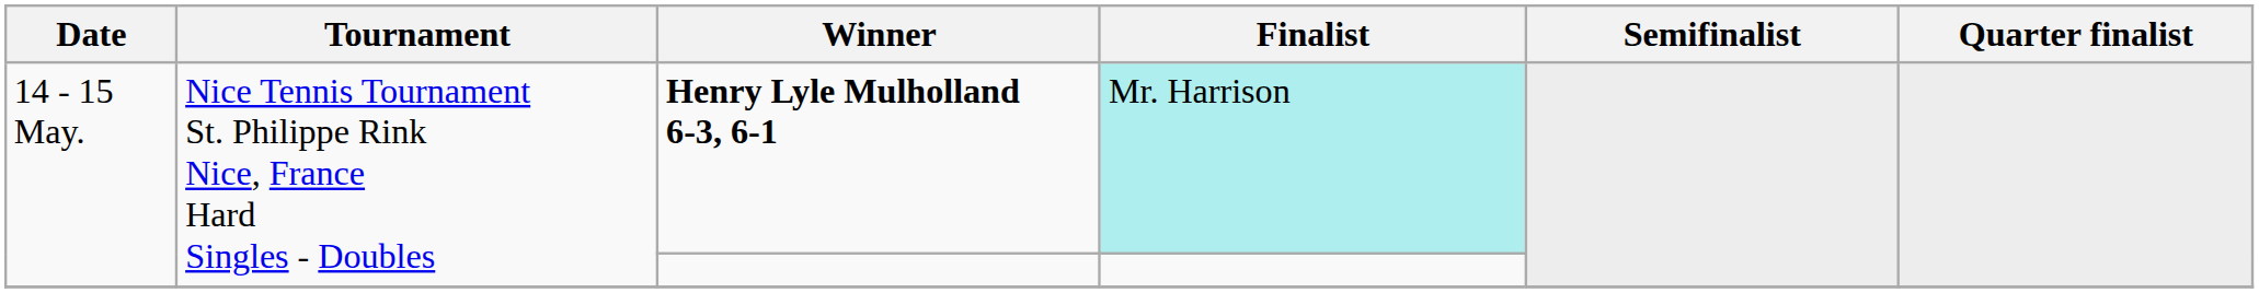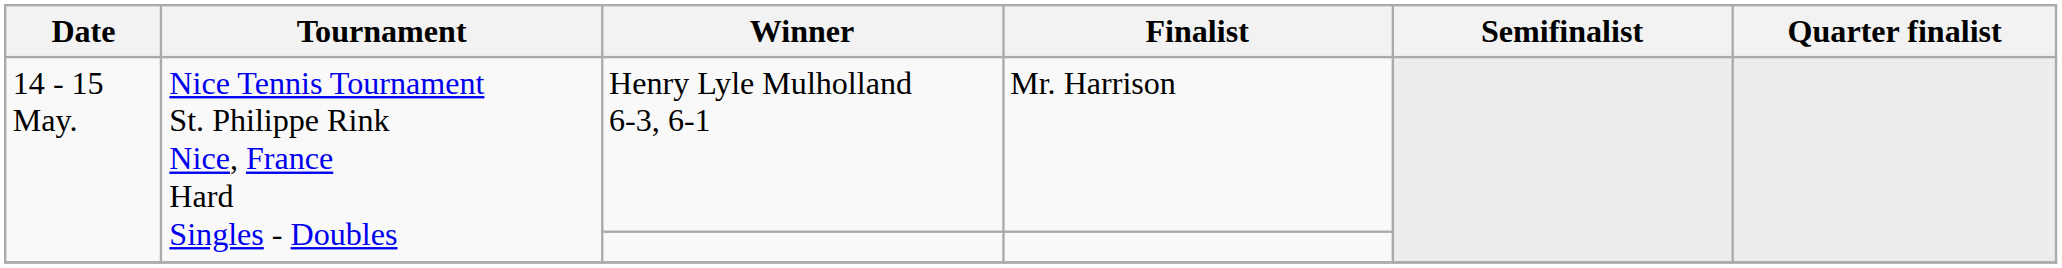 <table class="wikitable" style="font-size:85%;">
 <tr>
 <th width="75">Date</th>
 <th width="230">Tournament</th>
 <th width="210">Winner</th>
 <th width="210">Finalist</th>
 <th width="170">Semifinalist</th>
 <th width="170">Quarter finalist</th>
 </tr>
 <tr valign=top>
 <td rowspan=2>14 - 15 May.</td>
 <td rowspan=2><a href='#'>Nice Tennis Tournament</a><br>St. Philippe Rink<br><a href='#'>Nice</a>, <a href='#'>France</a><br>Hard<br><a href='#'>Singles</a> - <a href='#'>Doubles</a></td>
-<td><strong>Henry Lyle Mulholland<br>6-3, 6-1</strong></td>
-<td style="background: paleturquoise;"> Mr. Harrison</td>
+<td>Henry Lyle Mulholland<br>6-3, 6-1</td>
+<td> Mr. Harrison</td>
 <td style="background:#ededed;" rowspan=2></td>
 <td style="background:#ededed;" rowspan=2></td>
 </tr>
 <tr valign=top>
 <td></td>
 <td></td>
 </tr>
 <tr valign=top>
 </tr>
 </table>
